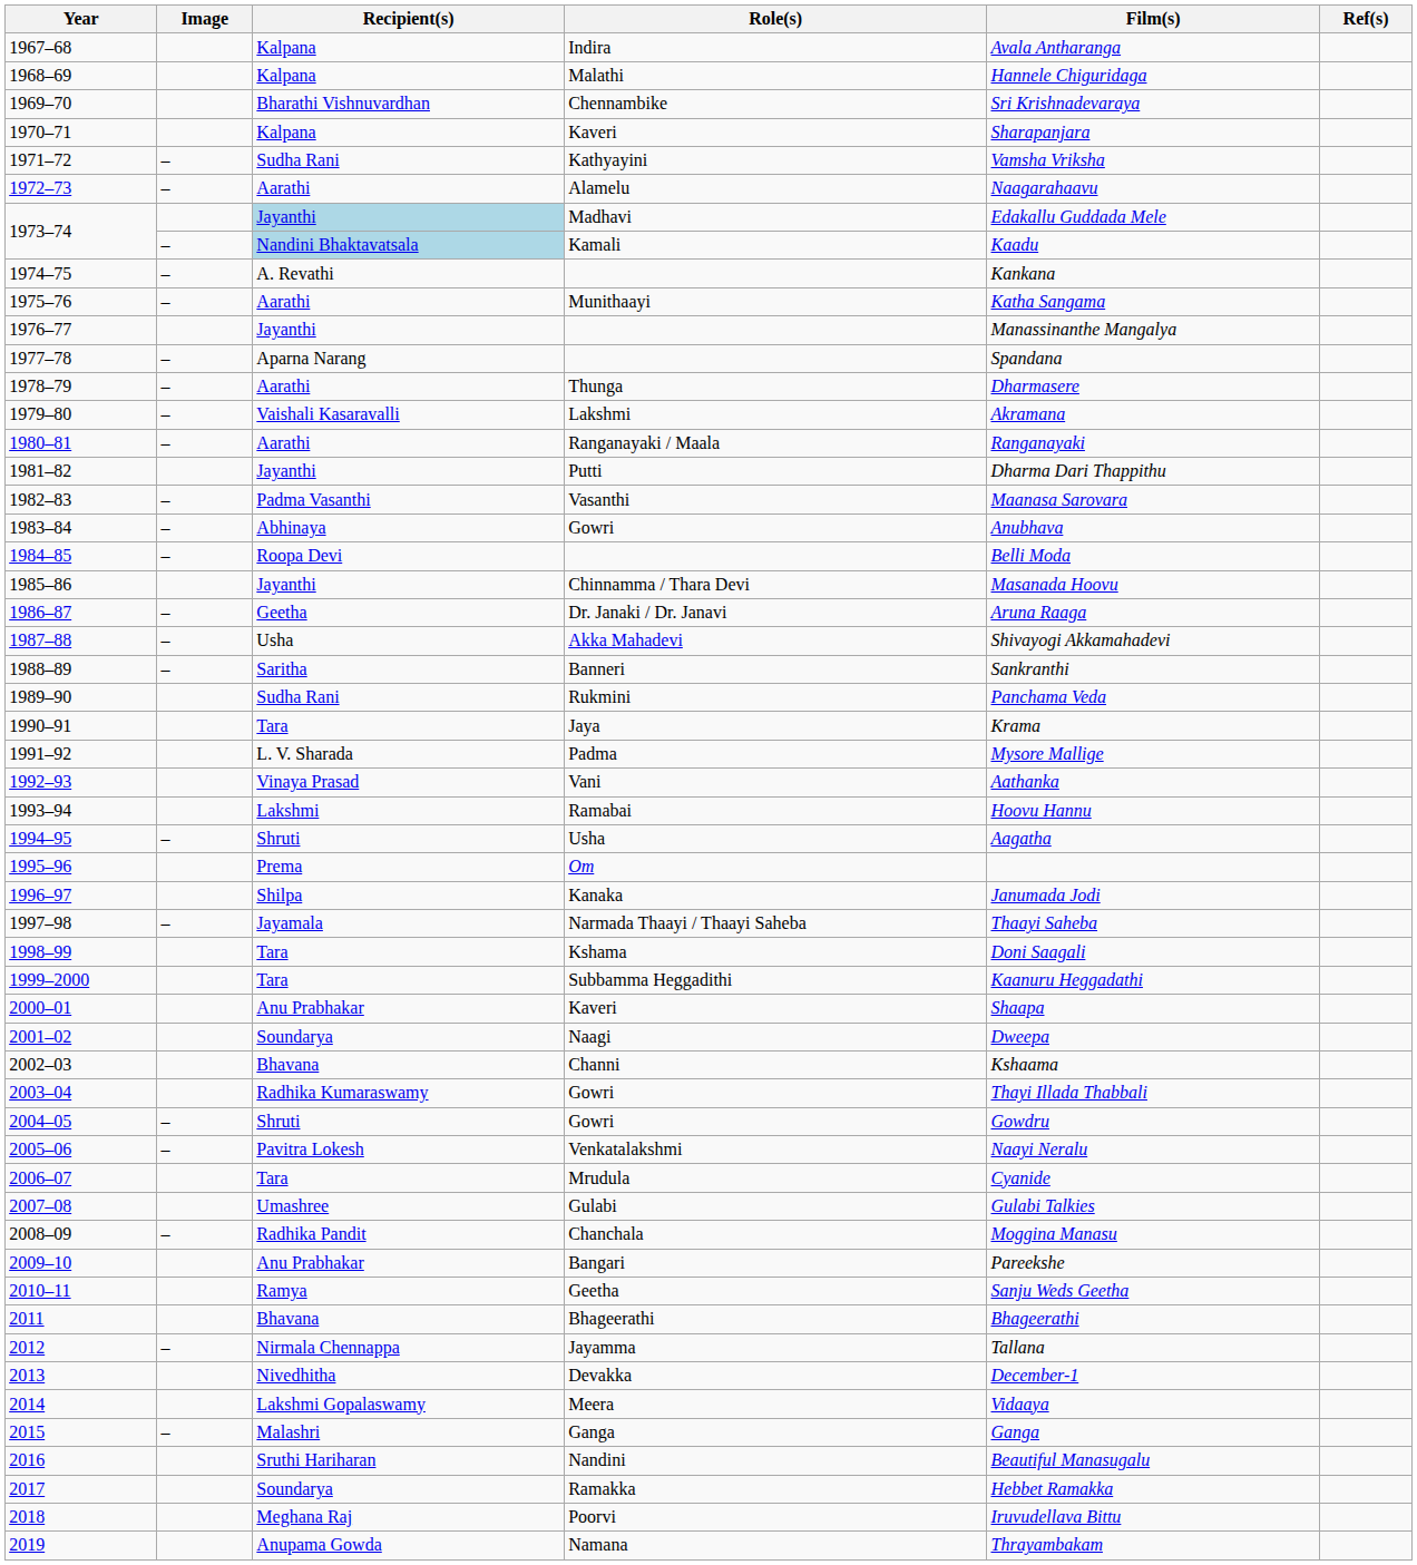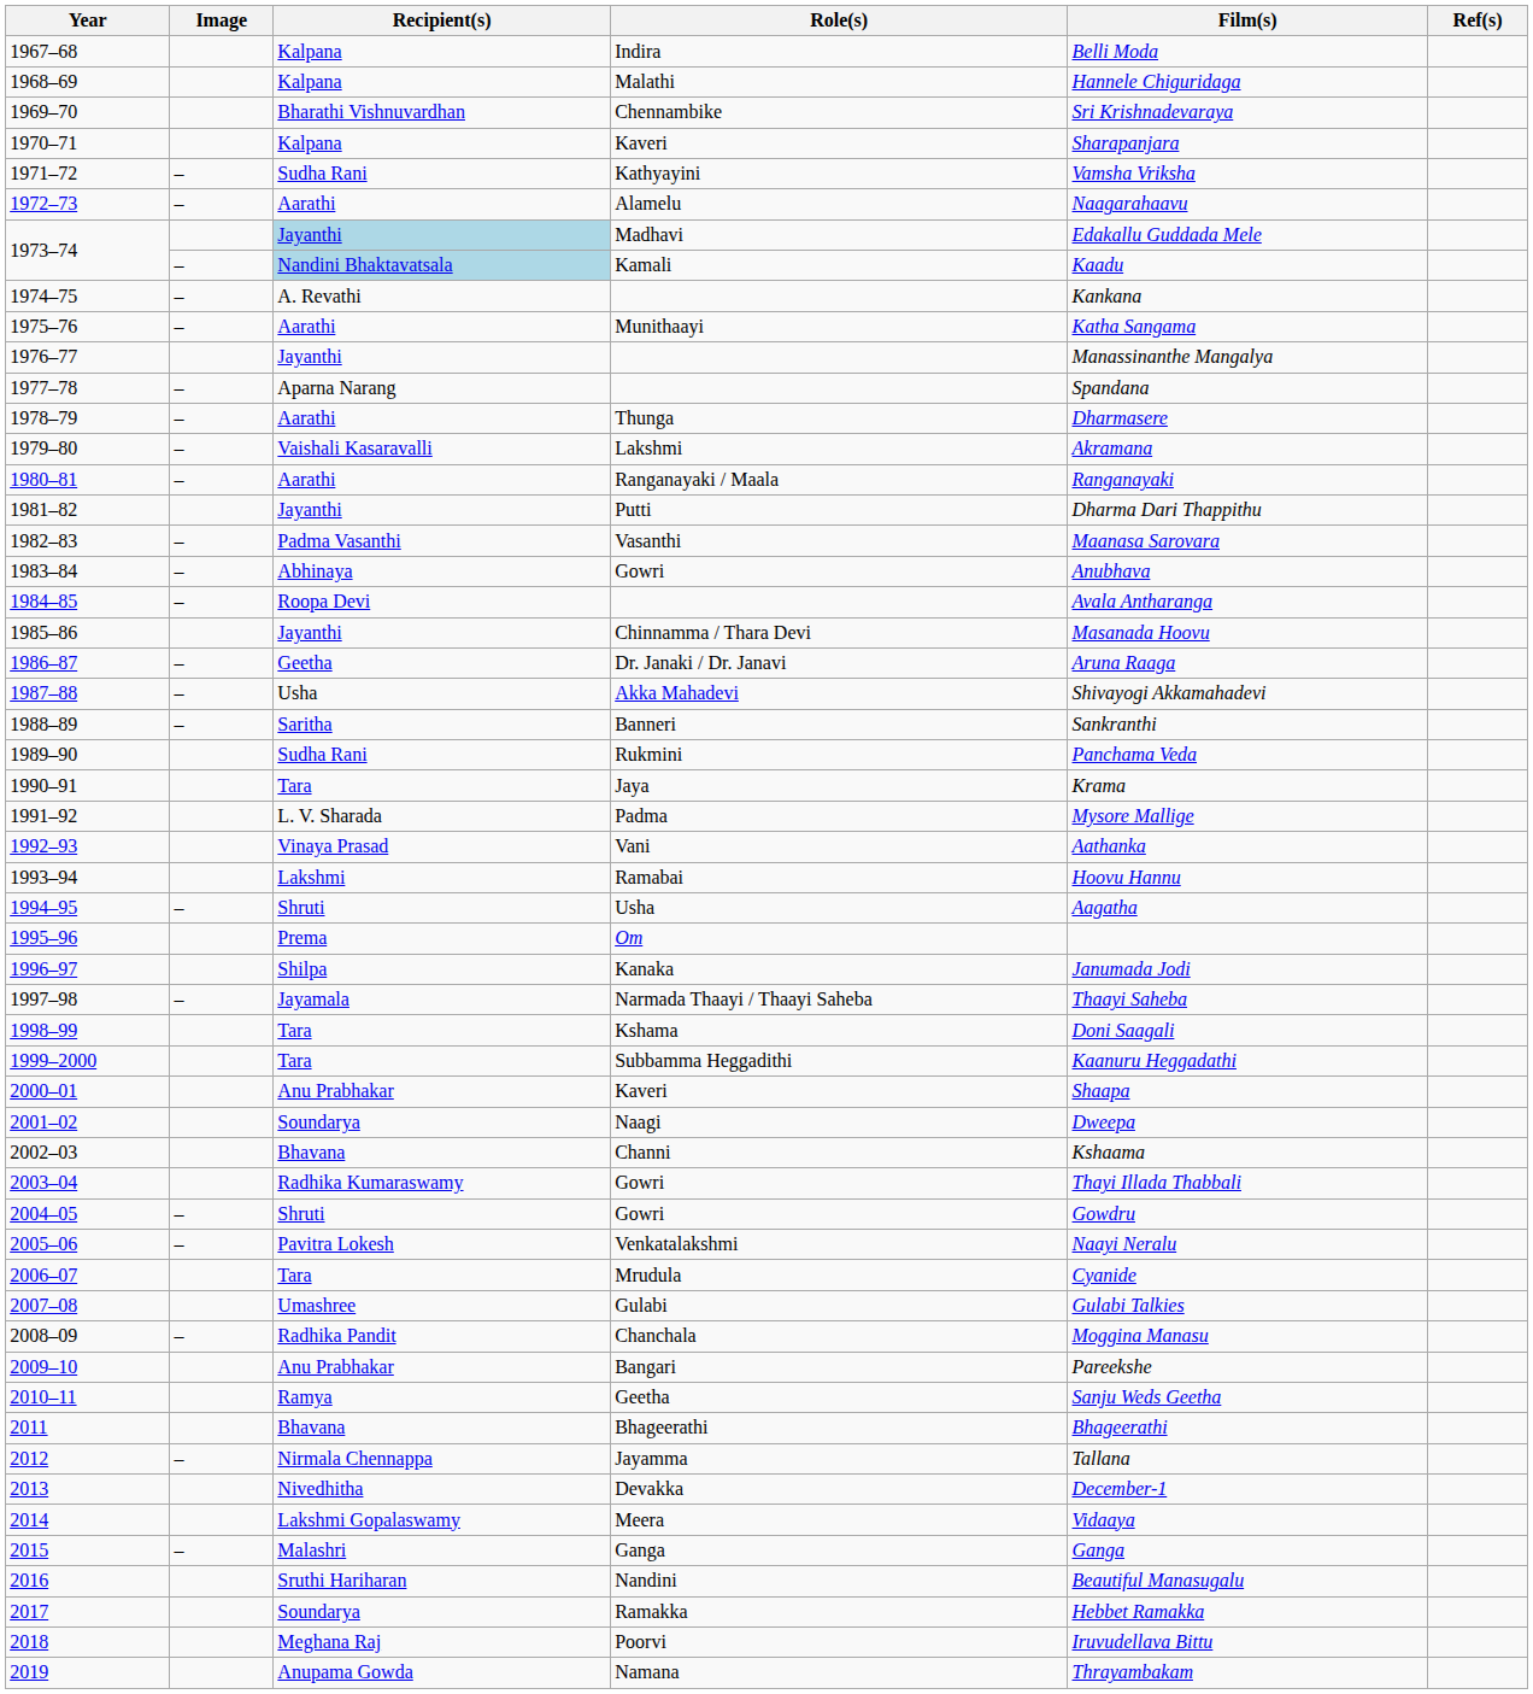 <table class="wikitable sortable" style="width:100%;">
 <tr>
 <th scope="col">Year</th>
 <th scope="col">Image</th>
 <th scope="col">Recipient(s)</th>
 <th scope="col">Role(s)</th>
 <th scope="col">Film(s)</th>
 <th>Ref(s)</th>
 </tr>
 <tr>
 <td>1967–68</td>
 <td></td>
 <td><a href='#'>Kalpana</a></td>
 <td>Indira</td>
-<td><em><a href='#'>Avala Antharanga</a></em></td>
+<td><em><a href='#'>Belli Moda</a></em></td>
 <td></td>
 </tr>
 <tr>
 <td>1968–69</td>
 <td></td>
 <td><a href='#'>Kalpana</a></td>
 <td>Malathi</td>
 <td><em><a href='#'>Hannele Chiguridaga</a></em></td>
 <td></td>
 </tr>
 <tr>
 <td>1969–70</td>
 <td></td>
 <td><a href='#'>Bharathi Vishnuvardhan</a></td>
 <td>Chennambike</td>
 <td><em><a href='#'>Sri Krishnadevaraya</a></em></td>
 <td></td>
 </tr>
 <tr>
 <td>1970–71</td>
 <td></td>
 <td><a href='#'>Kalpana</a></td>
 <td>Kaveri</td>
 <td><em><a href='#'>Sharapanjara</a></em></td>
 <td></td>
 </tr>
 <tr>
 <td>1971–72</td>
 <td>–</td>
 <td><a href='#'>Sudha Rani</a></td>
 <td>Kathyayini</td>
 <td><em><a href='#'>Vamsha Vriksha</a></em></td>
 <td></td>
 </tr>
 <tr>
 <td><a href='#'>1972–73</a></td>
 <td>–</td>
 <td><a href='#'>Aarathi</a></td>
 <td>Alamelu</td>
 <td><em><a href='#'>Naagarahaavu</a></em></td>
 <td></td>
 </tr>
 <tr>
 <td rowspan="2" scope="row">1973–74</td>
 <td></td>
 <td style="background: #ADD8E6"><a href='#'>Jayanthi</a></td>
 <td>Madhavi</td>
 <td><em><a href='#'>Edakallu Guddada Mele</a></em></td>
 <td style="text-align:center;"></td>
 </tr>
 <tr>
 <td>–</td>
 <td style="background: #ADD8E6"><a href='#'>Nandini Bhaktavatsala</a></td>
 <td>Kamali</td>
 <td><em><a href='#'>Kaadu</a></em></td>
 <td></td>
 </tr>
 <tr>
 <td>1974–75</td>
 <td>–</td>
 <td>A. Revathi</td>
 <td></td>
 <td><em>Kankana</em></td>
 <td></td>
 </tr>
 <tr>
 <td>1975–76</td>
 <td>–</td>
 <td><a href='#'>Aarathi</a></td>
 <td>Munithaayi</td>
 <td><em><a href='#'>Katha Sangama</a></em></td>
 <td></td>
 </tr>
 <tr>
 <td>1976–77</td>
 <td></td>
 <td><a href='#'>Jayanthi</a></td>
 <td></td>
 <td><em>Manassinanthe Mangalya</em></td>
 <td style="text-align:center;"></td>
 </tr>
 <tr>
 <td>1977–78</td>
 <td>–</td>
 <td>Aparna Narang</td>
 <td></td>
 <td><em>Spandana</em></td>
 <td></td>
 </tr>
 <tr>
 <td>1978–79</td>
 <td>–</td>
 <td><a href='#'>Aarathi</a></td>
 <td>Thunga</td>
 <td><em><a href='#'>Dharmasere</a></em></td>
 <td></td>
 </tr>
 <tr>
 <td>1979–80</td>
 <td>–</td>
 <td><a href='#'>Vaishali Kasaravalli</a></td>
 <td>Lakshmi</td>
 <td><em><a href='#'>Akramana</a></em></td>
 <td></td>
 </tr>
 <tr>
 <td><a href='#'>1980–81</a></td>
 <td>–</td>
 <td><a href='#'>Aarathi</a></td>
 <td>Ranganayaki / Maala</td>
 <td><em><a href='#'>Ranganayaki</a></em></td>
 <td></td>
 </tr>
 <tr>
 <td>1981–82</td>
 <td></td>
 <td><a href='#'>Jayanthi</a></td>
 <td>Putti</td>
 <td><em>Dharma Dari Thappithu</em></td>
 <td style="text-align:center;"></td>
 </tr>
 <tr>
 <td>1982–83</td>
 <td>–</td>
 <td><a href='#'>Padma Vasanthi</a></td>
 <td>Vasanthi</td>
 <td><em><a href='#'>Maanasa Sarovara</a></em></td>
 <td></td>
 </tr>
 <tr>
 <td>1983–84</td>
 <td>–</td>
 <td><a href='#'>Abhinaya</a></td>
 <td>Gowri</td>
 <td><em><a href='#'>Anubhava</a></em></td>
 <td></td>
 </tr>
 <tr>
 <td><a href='#'>1984–85</a></td>
 <td>–</td>
 <td><a href='#'>Roopa Devi</a></td>
 <td></td>
-<td><em><a href='#'>Belli Moda</a></em></td>
+<td><em><a href='#'>Avala Antharanga</a></em></td>
 <td></td>
 </tr>
 <tr>
 <td>1985–86</td>
 <td></td>
 <td><a href='#'>Jayanthi</a></td>
 <td>Chinnamma / Thara Devi</td>
 <td><em><a href='#'>Masanada Hoovu</a></em></td>
 <td style="text-align:center;"></td>
 </tr>
 <tr>
 <td><a href='#'>1986–87</a></td>
 <td>–</td>
 <td><a href='#'>Geetha</a></td>
 <td>Dr. Janaki / Dr. Janavi</td>
 <td><em><a href='#'>Aruna Raaga</a></em></td>
 <td></td>
 </tr>
 <tr>
 <td><a href='#'>1987–88</a></td>
 <td>–</td>
 <td>Usha</td>
 <td><a href='#'>Akka Mahadevi</a></td>
 <td><em>Shivayogi Akkamahadevi</em></td>
 <td></td>
 </tr>
 <tr>
 <td>1988–89</td>
 <td>–</td>
 <td><a href='#'>Saritha</a></td>
 <td>Banneri</td>
 <td><em>Sankranthi</em></td>
 <td></td>
 </tr>
 <tr>
 <td>1989–90</td>
 <td></td>
 <td><a href='#'>Sudha Rani</a></td>
 <td>Rukmini</td>
 <td><em><a href='#'>Panchama Veda</a></em></td>
 <td></td>
 </tr>
 <tr>
 <td>1990–91</td>
 <td></td>
 <td><a href='#'>Tara</a></td>
 <td>Jaya</td>
 <td><em>Krama</em></td>
 <td></td>
 </tr>
 <tr>
 <td>1991–92</td>
 <td></td>
 <td>L. V. Sharada</td>
 <td>Padma</td>
 <td><em><a href='#'>Mysore Mallige</a></em></td>
 <td></td>
 </tr>
 <tr>
 <td><a href='#'>1992–93</a></td>
 <td></td>
 <td><a href='#'>Vinaya Prasad</a></td>
 <td>Vani</td>
 <td><em><a href='#'>Aathanka</a></em></td>
 <td></td>
 </tr>
 <tr>
 <td>1993–94</td>
 <td></td>
 <td><a href='#'>Lakshmi</a></td>
 <td>Ramabai</td>
 <td><em><a href='#'>Hoovu Hannu</a></em></td>
 <td></td>
 </tr>
 <tr>
 <td><a href='#'>1994–95</a></td>
 <td>–</td>
 <td><a href='#'>Shruti</a></td>
 <td>Usha</td>
 <td><em><a href='#'>Aagatha</a></em></td>
 <td style="text-align:center;"></td>
 </tr>
 <tr>
 <td><a href='#'>1995–96</a></td>
 <td></td>
 <td><a href='#'>Prema</a></td>
 <td><em><a href='#'>Om</a></em></td>
 <td style="text-align:center;"></td>
 </tr>
 <tr>
 <td><a href='#'>1996–97</a></td>
 <td></td>
 <td><a href='#'>Shilpa</a></td>
 <td>Kanaka</td>
 <td><em><a href='#'>Janumada Jodi</a></em></td>
 <td style="text-align:center;"></td>
 </tr>
 <tr>
 <td>1997–98</td>
 <td>–</td>
 <td><a href='#'>Jayamala</a></td>
 <td>Narmada Thaayi / Thaayi Saheba</td>
 <td><em><a href='#'>Thaayi Saheba</a></em></td>
 <td></td>
 </tr>
 <tr>
 <td><a href='#'>1998–99</a></td>
 <td></td>
 <td><a href='#'>Tara</a></td>
 <td>Kshama</td>
 <td><em><a href='#'>Doni Saagali</a></em></td>
 <td style="text-align:center;"></td>
 </tr>
 <tr>
 <td><a href='#'>1999–2000</a></td>
 <td></td>
 <td><a href='#'>Tara</a></td>
 <td>Subbamma Heggadithi</td>
 <td><em><a href='#'>Kaanuru Heggadathi</a></em></td>
 <td style="text-align:center;"></td>
 </tr>
 <tr>
 <td><a href='#'>2000–01</a></td>
 <td></td>
 <td><a href='#'>Anu Prabhakar</a></td>
 <td>Kaveri</td>
 <td><em><a href='#'>Shaapa</a></em></td>
 <td style="text-align:center;"></td>
 </tr>
 <tr>
 <td><a href='#'>2001–02</a></td>
 <td></td>
 <td><a href='#'>Soundarya</a></td>
 <td>Naagi</td>
 <td><em><a href='#'>Dweepa</a></em></td>
 <td style="text-align:center;"></td>
 </tr>
 <tr>
 <td>2002–03</td>
 <td></td>
 <td><a href='#'>Bhavana</a></td>
 <td>Channi</td>
 <td><em>Kshaama</em></td>
 <td style="text-align:center;"></td>
 </tr>
 <tr>
 <td><a href='#'>2003–04</a></td>
 <td></td>
 <td><a href='#'>Radhika Kumaraswamy</a></td>
 <td>Gowri</td>
 <td><em><a href='#'>Thayi Illada Thabbali</a></em></td>
 <td style="text-align:center;"></td>
 </tr>
 <tr>
 <td><a href='#'>2004–05</a></td>
 <td>–</td>
 <td><a href='#'>Shruti</a></td>
 <td>Gowri</td>
 <td><em><a href='#'>Gowdru</a></em></td>
 <td style="text-align:center;"></td>
 </tr>
 <tr>
 <td><a href='#'>2005–06</a></td>
 <td>–</td>
 <td><a href='#'>Pavitra Lokesh</a></td>
 <td>Venkatalakshmi</td>
 <td><em><a href='#'>Naayi Neralu</a></em></td>
 <td style="text-align:center;"></td>
 </tr>
 <tr>
 <td><a href='#'>2006–07</a></td>
 <td></td>
 <td><a href='#'>Tara</a></td>
 <td>Mrudula</td>
 <td><em><a href='#'>Cyanide</a></em></td>
 <td style="text-align:center;"></td>
 </tr>
 <tr>
 <td><a href='#'>2007–08</a></td>
 <td></td>
 <td><a href='#'>Umashree</a></td>
 <td>Gulabi</td>
 <td><em><a href='#'>Gulabi Talkies</a></em></td>
 <td style="text-align:center;"></td>
 </tr>
 <tr>
 <td>2008–09</td>
 <td>–</td>
 <td><a href='#'>Radhika Pandit</a></td>
 <td>Chanchala</td>
 <td><em><a href='#'>Moggina Manasu</a></em></td>
 <td style="text-align:center;"></td>
 </tr>
 <tr>
 <td><a href='#'>2009–10</a></td>
 <td></td>
 <td><a href='#'>Anu Prabhakar</a></td>
 <td>Bangari</td>
 <td><em>Pareekshe</em></td>
 <td style="text-align:center;"></td>
 </tr>
 <tr>
 <td><a href='#'>2010–11</a></td>
 <td></td>
 <td><a href='#'>Ramya</a></td>
 <td>Geetha</td>
 <td><em><a href='#'>Sanju Weds Geetha</a></em></td>
 <td style="text-align:center;"></td>
 </tr>
 <tr>
 <td><a href='#'>2011</a></td>
 <td></td>
 <td><a href='#'>Bhavana</a></td>
 <td>Bhageerathi</td>
 <td><em><a href='#'>Bhageerathi</a></em></td>
 <td style="text-align:center;"></td>
 </tr>
 <tr>
 <td><a href='#'>2012</a></td>
 <td>–</td>
 <td><a href='#'>Nirmala Chennappa</a></td>
 <td>Jayamma</td>
 <td><em>Tallana</em></td>
 <td style="text-align:center;"></td>
 </tr>
 <tr>
 <td><a href='#'>2013</a></td>
 <td></td>
 <td><a href='#'>Nivedhitha</a></td>
 <td>Devakka</td>
 <td><em><a href='#'>December-1</a></em></td>
 <td style="text-align:center;"></td>
 </tr>
 <tr>
 <td><a href='#'>2014</a></td>
 <td></td>
 <td><a href='#'>Lakshmi Gopalaswamy</a></td>
 <td>Meera</td>
 <td><em><a href='#'>Vidaaya</a></em></td>
 <td style="text-align:center;"></td>
 </tr>
 <tr>
 <td><a href='#'>2015</a></td>
 <td>–</td>
 <td><a href='#'>Malashri</a></td>
 <td>Ganga</td>
 <td><em><a href='#'>Ganga</a></em></td>
 <td style="text-align:center;"></td>
 </tr>
 <tr>
 <td><a href='#'>2016</a></td>
 <td></td>
 <td><a href='#'>Sruthi Hariharan</a></td>
 <td>Nandini</td>
 <td><em><a href='#'>Beautiful Manasugalu</a></em></td>
 <td style="text-align:center;"></td>
 </tr>
 <tr>
 <td><a href='#'>2017</a></td>
 <td></td>
 <td><a href='#'>Soundarya</a></td>
 <td>Ramakka</td>
 <td><em><a href='#'>Hebbet Ramakka</a></em></td>
 <td style="text-align:center;"></td>
 </tr>
 <tr>
 <td><a href='#'>2018</a></td>
 <td></td>
 <td><a href='#'>Meghana Raj</a></td>
 <td>Poorvi</td>
 <td><em><a href='#'>Iruvudellava Bittu</a></em></td>
 <td style="text-align:center;"></td>
 </tr>
 <tr>
 <td><a href='#'>2019</a></td>
 <td></td>
 <td><a href='#'>Anupama Gowda</a></td>
 <td>Namana</td>
 <td><em><a href='#'>Thrayambakam</a></em></td>
 <td style="text-align:center;"></td>
 </tr>
 </table>
